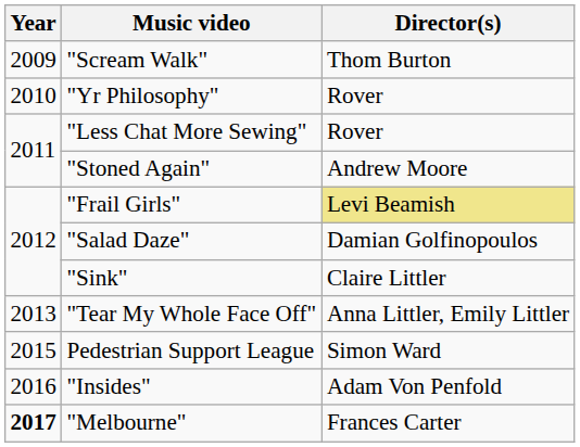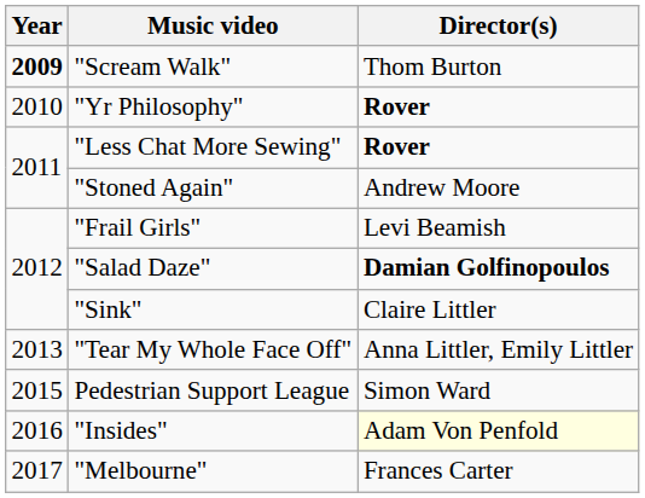 <table class="wikitable plainrowheaders">
 <tr>
 <th>Year</th>
 <th>Music video</th>
 <th>Director(s)</th>
 </tr>
 <tr>
-<td>2009</td>
+<td><strong>2009</strong></td>
 <td>"Scream Walk"</td>
 <td>Thom Burton</td>
 </tr>
 <tr>
 <td>2010</td>
 <td>"Yr Philosophy"</td>
-<td>Rover</td>
+<td><strong>Rover</strong></td>
 </tr>
 <tr>
 <td rowspan = 2>2011</td>
 <td>"Less Chat More Sewing"</td>
-<td>Rover</td>
+<td><strong>Rover</strong></td>
 </tr>
 <tr>
 <td>"Stoned Again"</td>
 <td>Andrew Moore</td>
 </tr>
 <tr>
 <td rowspan = 3>2012</td>
 <td>"Frail Girls"</td>
-<td style="background: khaki;">Levi Beamish</td>
+<td>Levi Beamish</td>
 </tr>
 <tr>
 <td>"Salad Daze"</td>
-<td>Damian Golfinopoulos</td>
+<td><strong>Damian Golfinopoulos</strong></td>
 </tr>
 <tr>
 <td>"Sink"</td>
 <td>Claire Littler</td>
 </tr>
 <tr>
 <td>2013</td>
 <td>"Tear My Whole Face Off"</td>
 <td>Anna Littler, Emily Littler</td>
 </tr>
 <tr>
 <td>2015</td>
 <td>Pedestrian Support League</td>
 <td>Simon Ward</td>
 </tr>
 <tr>
 <td>2016</td>
 <td>"Insides"</td>
-<td>Adam Von Penfold</td>
+<td style="background: lightyellow;">Adam Von Penfold</td>
 </tr>
 <tr>
-<td><strong>2017</strong></td>
+<td>2017</td>
 <td>"Melbourne"</td>
 <td>Frances Carter</td>
 </tr>
 </table>
